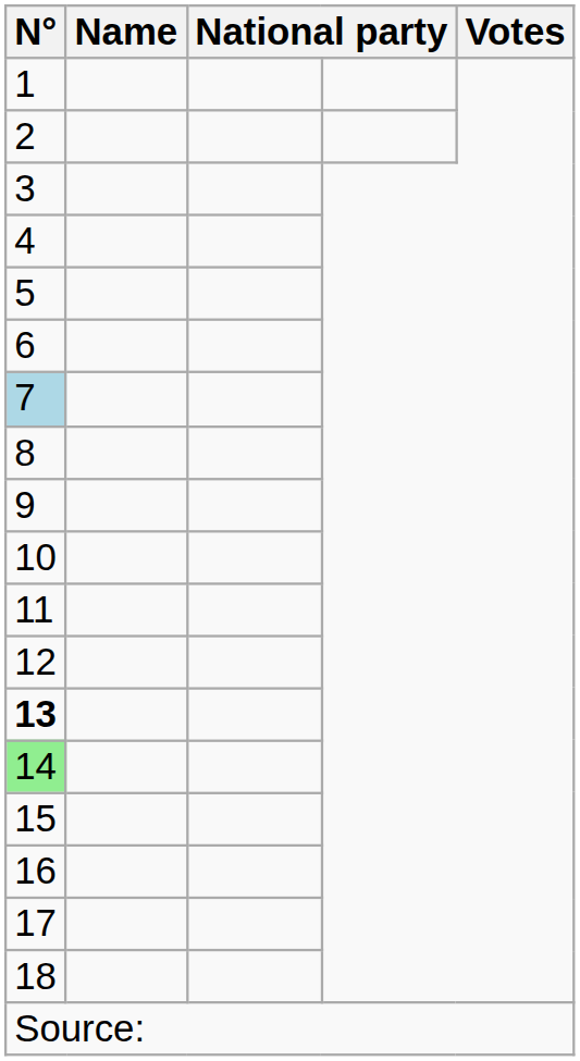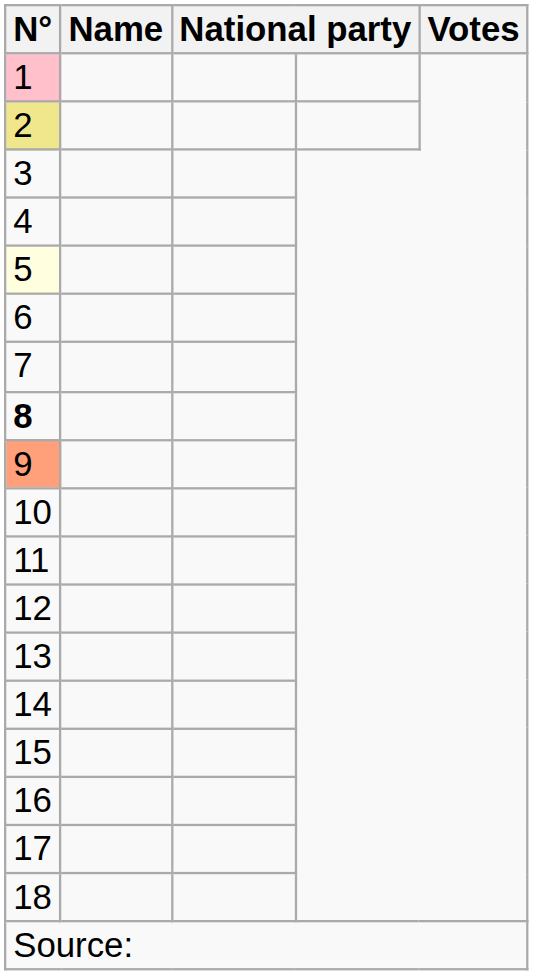 <table class="wikitable sortable" style="font-size:95%;line-height:14px;">
 <tr>
 <th>N°</th>
 <th>Name</th>
 <th colspan="2">National party</th>
 <th>Votes</th>
 </tr>
 <tr>
-<td>1</td>
+<td style="background: pink;">1</td>
 <td></td>
 <td></td>
 <td></td>
 </tr>
 <tr>
-<td>2</td>
+<td style="background: khaki;">2</td>
 <td></td>
 <td></td>
 <td></td>
 </tr>
 <tr>
 <td>3</td>
 <td></td>
 <td></td>
 </tr>
 <tr>
 <td>4</td>
 <td></td>
 <td></td>
 </tr>
 <tr>
-<td>5</td>
+<td style="background: lightyellow;">5</td>
 <td></td>
 <td></td>
 </tr>
 <tr>
 <td>6</td>
 <td></td>
 <td></td>
 </tr>
 <tr>
-<td style="background: lightblue;">7</td>
+<td>7</td>
 <td></td>
 <td></td>
 </tr>
 <tr>
-<td>8</td>
+<td><strong>8</strong></td>
 <td></td>
 <td></td>
 </tr>
 <tr>
-<td>9</td>
+<td style="background: lightsalmon;">9</td>
 <td></td>
 <td></td>
 </tr>
 <tr>
 <td>10</td>
 <td></td>
 <td></td>
 </tr>
 <tr>
 <td>11</td>
 <td></td>
 <td></td>
 </tr>
 <tr>
 <td>12</td>
 <td></td>
 <td></td>
 </tr>
 <tr>
-<td><strong>13</strong></td>
+<td>13</td>
 <td></td>
 <td></td>
 </tr>
 <tr>
-<td style="background: lightgreen;">14</td>
+<td>14</td>
 <td></td>
 <td></td>
 </tr>
 <tr>
 <td>15</td>
 <td></td>
 <td></td>
 </tr>
 <tr>
 <td>16</td>
 <td></td>
 <td></td>
 </tr>
 <tr>
 <td>17</td>
 <td></td>
 <td></td>
 </tr>
 <tr>
 <td>18</td>
 <td></td>
 <td></td>
 </tr>
 <tr>
 <td colspan="5">Source: </td>
 </tr>
 </table>
